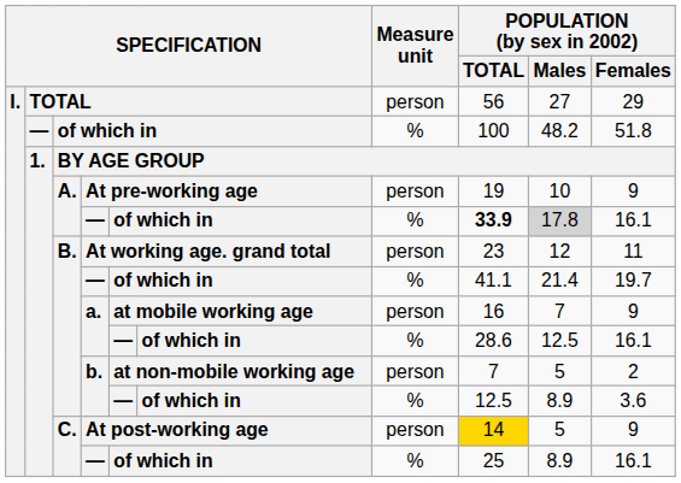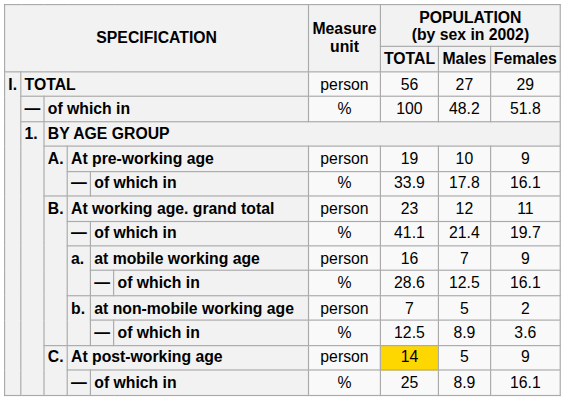 <table class="wikitable" style="font-size:85%; text-align:center">
 <tr>
 <th rowspan="2" colspan="6">SPECIFICATION</th>
 <th rowspan="2">Measure<br> unit</th>
 <th colspan="3" rowspan="1">POPULATION<br> (by sex in 2002)</th>
 </tr>
 <tr>
 <th>TOTAL</th>
 <th>Males</th>
 <th>Females</th>
 </tr>
 <tr>
 <th style="text-align:left" valign="top" rowspan="13">I.</th>
 <th style="text-align:left" colspan="5">TOTAL</th>
 <td>person</td>
 <td>56</td>
 <td>27</td>
 <td>29</td>
 </tr>
 <tr>
 <th style="text-align:left" valign="top">—</th>
 <th style="text-align:left" colspan="4">of which in</th>
 <td>%</td>
 <td>100</td>
 <td>48.2</td>
 <td>51.8</td>
 </tr>
 <tr>
 <th style="text-align:left" valign="top" rowspan="11">1.</th>
 <th style="text-align:left" colspan="19">BY AGE GROUP</th>
 </tr>
 <tr>
 <th style="text-align:left" valign="top" rowspan="2">A.</th>
 <th style="text-align:left" colspan="3">At pre-working age</th>
 <td>person</td>
 <td>19</td>
 <td>10</td>
 <td>9</td>
 </tr>
 <tr>
 <th style="text-align:left" valign="top">—</th>
 <th style="text-align:left" valign="top" colspan="2">of which in</th>
 <td>%</td>
-<td><strong>33.9</strong></td>
-<td style="background: lightgrey;">17.8</td>
+<td>33.9</td>
+<td>17.8</td>
 <td>16.1</td>
 </tr>
 <tr>
 <th style="text-align:left" valign="top" rowspan="6">B.</th>
 <th style="text-align:left" colspan="3">At working age. grand total</th>
 <td>person</td>
 <td>23</td>
 <td>12</td>
 <td>11</td>
 </tr>
 <tr>
 <th style="text-align:left" valign="top">—</th>
 <th style="text-align:left" valign="top" colspan="2">of which in</th>
 <td>%</td>
 <td>41.1</td>
 <td>21.4</td>
 <td>19.7</td>
 </tr>
 <tr>
 <th style="text-align:left" valign="top" rowspan="2">a.</th>
 <th style="text-align:left" colspan="2">at mobile working age</th>
 <td>person</td>
 <td>16</td>
 <td>7</td>
 <td>9</td>
 </tr>
 <tr>
 <th style="text-align:left" valign="top">—</th>
 <th style="text-align:left" valign="top" colspan="1">of which in                        </th>
 <td>%</td>
 <td>28.6</td>
 <td>12.5</td>
 <td>16.1</td>
 </tr>
 <tr>
 <th style="text-align:left" valign="top" rowspan="2">b.</th>
 <th style="text-align:left" colspan="2">at non-mobile working age</th>
 <td>person</td>
 <td>7</td>
 <td>5</td>
 <td>2</td>
 </tr>
 <tr>
 <th style="text-align:left" valign="top">—</th>
 <th style="text-align:left" valign="top" colspan="1">of which in                        </th>
 <td>%</td>
 <td>12.5</td>
 <td>8.9</td>
 <td>3.6</td>
 </tr>
 <tr>
 <th style="text-align:left" valign="top" rowspan="2">C.</th>
 <th style="text-align:left" colspan="3">At post-working age</th>
 <td>person</td>
 <td style="background: gold;">14</td>
 <td>5</td>
 <td>9</td>
 </tr>
 <tr>
 <th style="text-align:left" valign="top">—</th>
 <th style="text-align:left" valign="top" colspan="2">of which in</th>
 <td>%</td>
 <td>25</td>
 <td>8.9</td>
 <td>16.1</td>
 </tr>
 </table>
